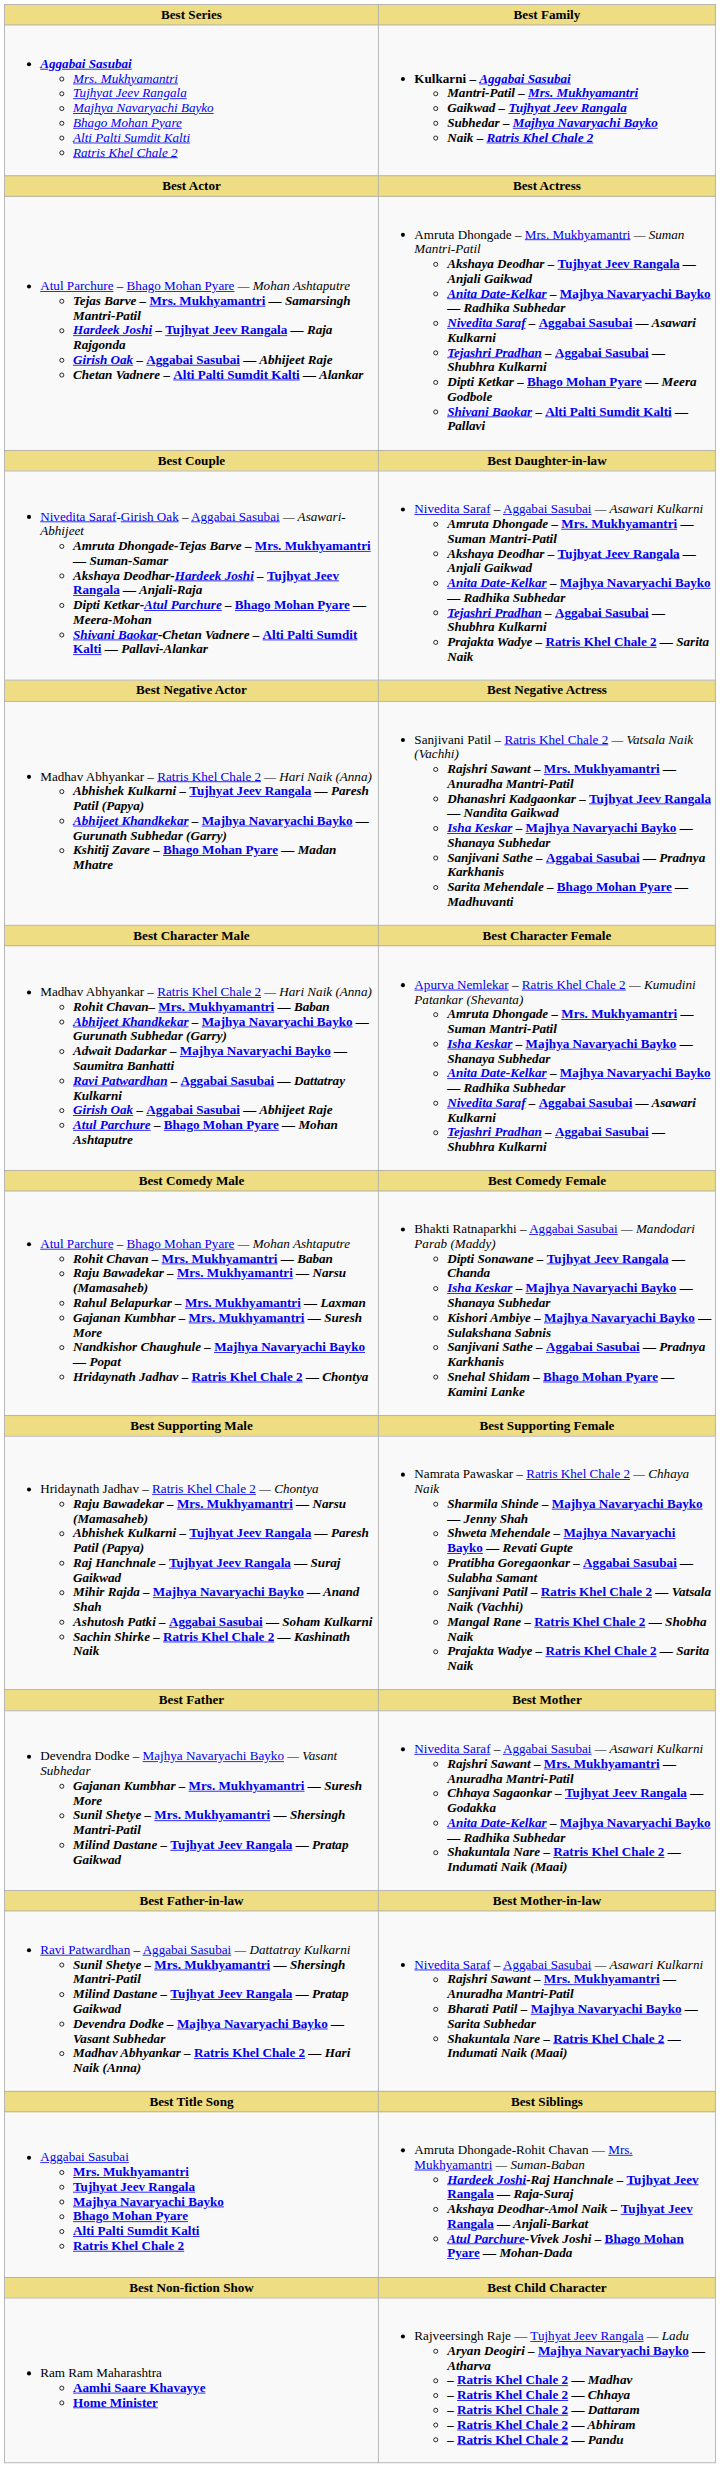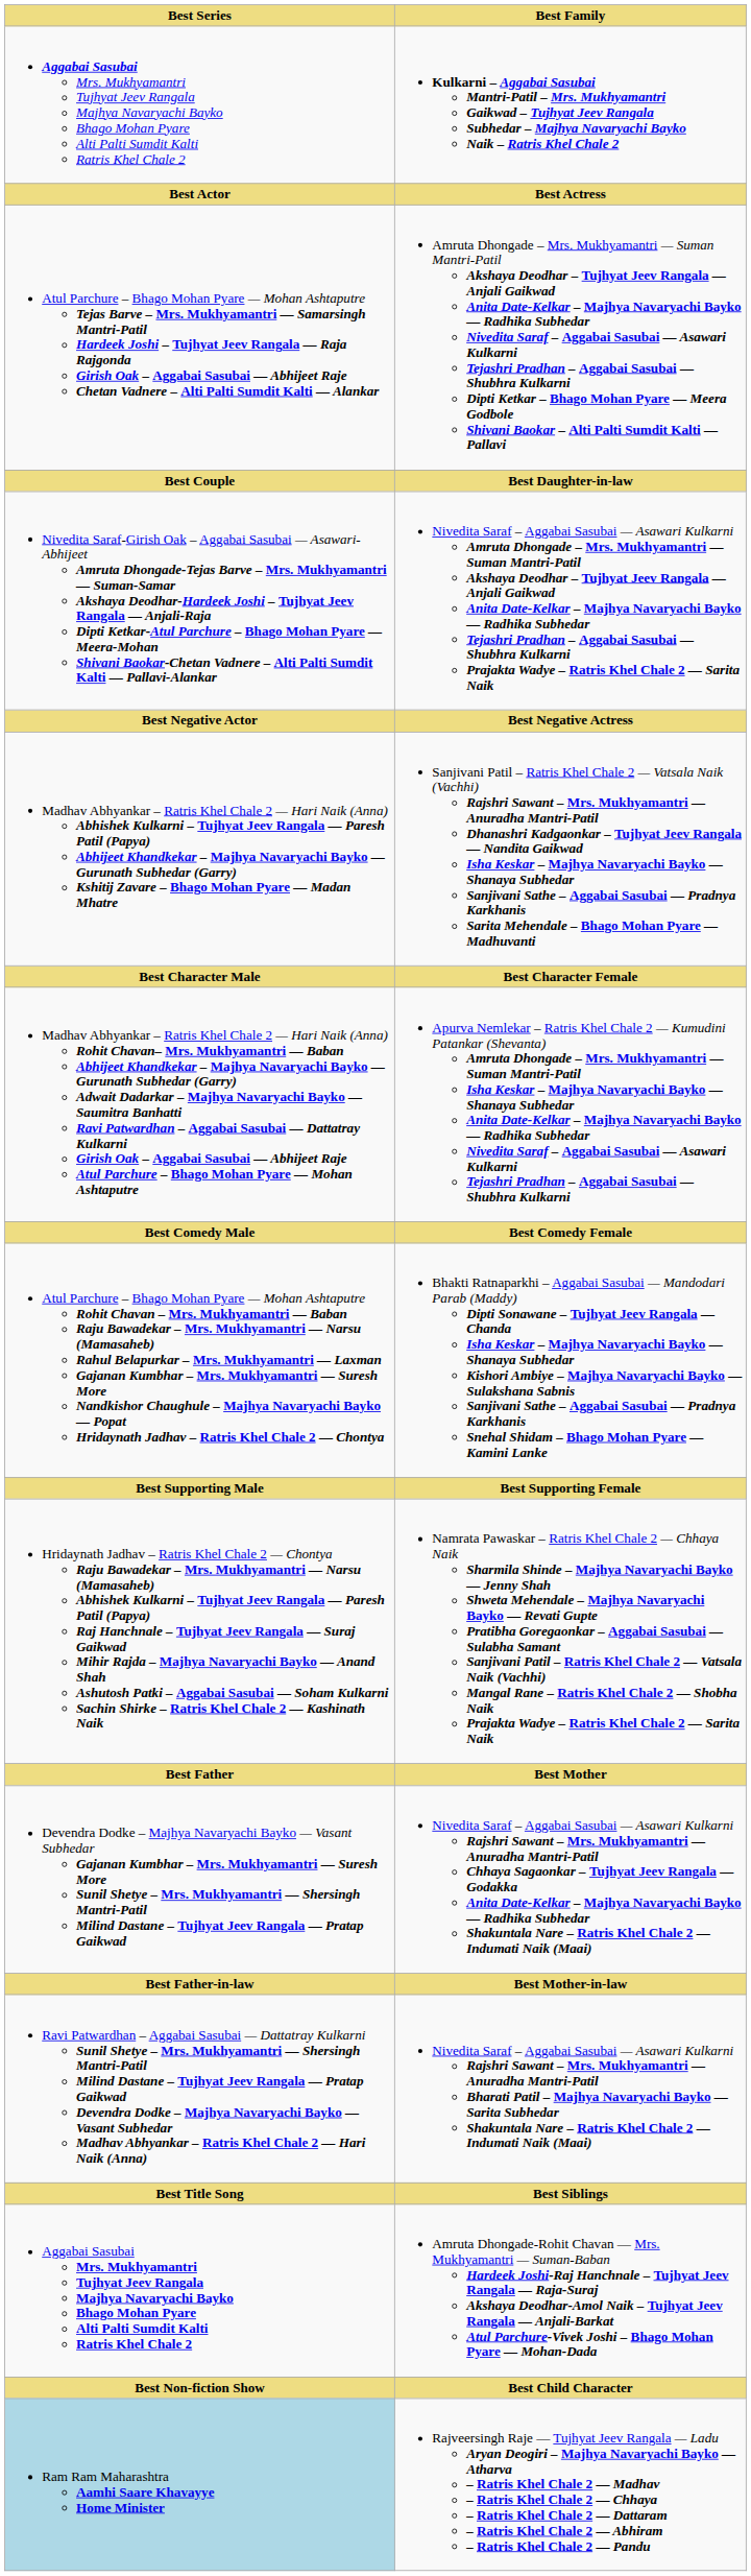 <table class="wikitable">
 <tr>
 <th style="background:#EEDD82;">Best Series</th>
 <th style="background:#EEDD82;">Best Family</th>
 </tr>
 <tr>
 <td><br><ul><li><strong><em><a href='#'>Aggabai Sasubai</a></em></strong><ul><li><em><a href='#'>Mrs. Mukhyamantri</a></em></li><li><em><a href='#'>Tujhyat Jeev Rangala</a></em></li><li><em><a href='#'>Majhya Navaryachi Bayko</a></em></li><li><em><a href='#'>Bhago Mohan Pyare</a></em></li><li><em><a href='#'>Alti Palti Sumdit Kalti</a></em></li><li><em><a href='#'>Ratris Khel Chale 2</a></em></li></ul></li></ul></td>
 <td><br><ul><li><strong>Kulkarni – <em><a href='#'>Aggabai Sasubai</a><strong><em><ul><li>Mantri-Patil – </em><a href='#'>Mrs. Mukhyamantri</a><em></li><li>Gaikwad – </em><a href='#'>Tujhyat Jeev Rangala</a><em></li><li>Subhedar – </em><a href='#'>Majhya Navaryachi Bayko</a><em></li><li>Naik – </em><a href='#'>Ratris Khel Chale 2</a><em></li></ul></li></ul></td>
 </tr>
 <tr>
 <th style="background:#EEDD82;">Best Actor</th>
 <th style="background:#EEDD82;">Best Actress</th>
 </tr>
 <tr>
 <td><br><ul><li></strong><a href='#'>Atul Parchure</a> – </em><a href='#'>Bhago Mohan Pyare</a><em> — Mohan Ashtaputre<strong><ul><li>Tejas Barve – </em><a href='#'>Mrs. Mukhyamantri</a><em> — Samarsingh Mantri-Patil</li><li><a href='#'>Hardeek Joshi</a> – </em><a href='#'>Tujhyat Jeev Rangala</a><em> — Raja Rajgonda</li><li><a href='#'>Girish Oak</a> – </em><a href='#'>Aggabai Sasubai</a><em> — Abhijeet Raje</li><li>Chetan Vadnere – </em><a href='#'>Alti Palti Sumdit Kalti</a><em> — Alankar</li></ul></li></ul></td>
 <td><br><ul><li></strong>Amruta Dhongade – </em><a href='#'>Mrs. Mukhyamantri</a><em> — Suman Mantri-Patil<strong><ul><li>Akshaya Deodhar – </em><a href='#'>Tujhyat Jeev Rangala</a><em> — Anjali Gaikwad</li><li><a href='#'>Anita Date-Kelkar</a> – </em><a href='#'>Majhya Navaryachi Bayko</a><em> — Radhika Subhedar</li><li><a href='#'>Nivedita Saraf</a> – </em><a href='#'>Aggabai Sasubai</a><em> — Asawari Kulkarni</li><li><a href='#'>Tejashri Pradhan</a> – </em><a href='#'>Aggabai Sasubai</a><em> — Shubhra Kulkarni</li><li>Dipti Ketkar – </em><a href='#'>Bhago Mohan Pyare</a><em> — Meera Godbole</li><li><a href='#'>Shivani Baokar</a> – </em><a href='#'>Alti Palti Sumdit Kalti</a><em> — Pallavi</li></ul></li></ul></td>
 </tr>
 <tr>
 <th style="background:#EEDD82;">Best Couple</th>
 <th style="background:#EEDD82;">Best Daughter-in-law</th>
 </tr>
 <tr>
 <td><br><ul><li></strong><a href='#'>Nivedita Saraf</a>-<a href='#'>Girish Oak</a> – </em><a href='#'>Aggabai Sasubai</a><em> — Asawari-Abhijeet<strong><ul><li>Amruta Dhongade-Tejas Barve – </em><a href='#'>Mrs. Mukhyamantri</a><em> — Suman-Samar</li><li>Akshaya Deodhar-<a href='#'>Hardeek Joshi</a> – </em><a href='#'>Tujhyat Jeev Rangala</a><em> — Anjali-Raja</li><li>Dipti Ketkar-<a href='#'>Atul Parchure</a> – </em><a href='#'>Bhago Mohan Pyare</a><em> — Meera-Mohan</li><li><a href='#'>Shivani Baokar</a>-Chetan Vadnere – </em><a href='#'>Alti Palti Sumdit Kalti</a><em> — Pallavi-Alankar</li></ul></li></ul></td>
 <td><br><ul><li></strong><a href='#'>Nivedita Saraf</a> – </em><a href='#'>Aggabai Sasubai</a><em> — Asawari Kulkarni<strong><ul><li>Amruta Dhongade – </em><a href='#'>Mrs. Mukhyamantri</a><em> — Suman Mantri-Patil</li><li>Akshaya Deodhar – </em><a href='#'>Tujhyat Jeev Rangala</a><em> — Anjali Gaikwad</li><li><a href='#'>Anita Date-Kelkar</a> – </em><a href='#'>Majhya Navaryachi Bayko</a><em> — Radhika Subhedar</li><li><a href='#'>Tejashri Pradhan</a> – </em><a href='#'>Aggabai Sasubai</a><em> — Shubhra Kulkarni</li><li>Prajakta Wadye – </em><a href='#'>Ratris Khel Chale 2</a><em> — Sarita Naik</li></ul></li></ul></td>
 </tr>
 <tr>
 <th style="background:#EEDD82;">Best Negative Actor</th>
 <th style="background:#EEDD82;">Best Negative Actress</th>
 </tr>
 <tr>
 <td><br><ul><li></strong>Madhav Abhyankar – </em><a href='#'>Ratris Khel Chale 2</a><em> — Hari Naik (Anna)<strong><ul><li>Abhishek Kulkarni – </em><a href='#'>Tujhyat Jeev Rangala</a><em> — Paresh Patil (Papya)</li><li><a href='#'>Abhijeet Khandkekar</a> – </em><a href='#'>Majhya Navaryachi Bayko</a><em> — Gurunath Subhedar (Garry)</li><li>Kshitij Zavare – </em><a href='#'>Bhago Mohan Pyare</a><em> — Madan Mhatre</li></ul></li></ul></td>
 <td><br><ul><li></strong>Sanjivani Patil – </em><a href='#'>Ratris Khel Chale 2</a><em> — Vatsala Naik (Vachhi)<strong><ul><li>Rajshri Sawant – </em><a href='#'>Mrs. Mukhyamantri</a><em> — Anuradha Mantri-Patil</li><li>Dhanashri Kadgaonkar – </em><a href='#'>Tujhyat Jeev Rangala</a><em> — Nandita Gaikwad</li><li><a href='#'>Isha Keskar</a> – </em><a href='#'>Majhya Navaryachi Bayko</a><em> — Shanaya Subhedar</li><li>Sanjivani Sathe – </em><a href='#'>Aggabai Sasubai</a><em> — Pradnya Karkhanis</li><li>Sarita Mehendale – </em><a href='#'>Bhago Mohan Pyare</a><em> — Madhuvanti</li></ul></li></ul></td>
 </tr>
 <tr>
 <th style="background:#EEDD82;">Best Character Male</th>
 <th style="background:#EEDD82;">Best Character Female</th>
 </tr>
 <tr>
 <td><br><ul><li></strong>Madhav Abhyankar – </em><a href='#'>Ratris Khel Chale 2</a><em> — Hari Naik (Anna)<strong><ul><li>Rohit Chavan– </em><a href='#'>Mrs. Mukhyamantri</a><em> — Baban</li><li><a href='#'>Abhijeet Khandkekar</a> – </em><a href='#'>Majhya Navaryachi Bayko</a><em> — Gurunath Subhedar (Garry)</li><li>Adwait Dadarkar – </em><a href='#'>Majhya Navaryachi Bayko</a><em> — Saumitra Banhatti</li><li><a href='#'>Ravi Patwardhan</a> – </em><a href='#'>Aggabai Sasubai</a><em> — Dattatray Kulkarni</li><li><a href='#'>Girish Oak</a> – </em><a href='#'>Aggabai Sasubai</a><em> — Abhijeet Raje</li><li><a href='#'>Atul Parchure</a> – </em><a href='#'>Bhago Mohan Pyare</a><em> — Mohan Ashtaputre</li></ul></li></ul></td>
 <td><br><ul><li></strong><a href='#'>Apurva Nemlekar</a> – </em><a href='#'>Ratris Khel Chale 2</a><em> — Kumudini Patankar (Shevanta)<strong><ul><li>Amruta Dhongade – </em><a href='#'>Mrs. Mukhyamantri</a><em> — Suman Mantri-Patil</li><li><a href='#'>Isha Keskar</a> – </em><a href='#'>Majhya Navaryachi Bayko</a><em> — Shanaya Subhedar</li><li><a href='#'>Anita Date-Kelkar</a> – </em><a href='#'>Majhya Navaryachi Bayko</a><em> — Radhika Subhedar</li><li><a href='#'>Nivedita Saraf</a> – </em><a href='#'>Aggabai Sasubai</a><em> — Asawari Kulkarni</li><li><a href='#'>Tejashri Pradhan</a> – </em><a href='#'>Aggabai Sasubai</a><em> — Shubhra Kulkarni</li></ul></li></ul></td>
 </tr>
 <tr>
 <th style="background:#EEDD82;">Best Comedy Male</th>
 <th style="background:#EEDD82;">Best Comedy Female</th>
 </tr>
 <tr>
 <td><br><ul><li></strong><a href='#'>Atul Parchure</a> – </em><a href='#'>Bhago Mohan Pyare</a><em> — Mohan Ashtaputre<strong><ul><li>Rohit Chavan – </em><a href='#'>Mrs. Mukhyamantri</a><em> — Baban</li><li>Raju Bawadekar – </em><a href='#'>Mrs. Mukhyamantri</a><em> — Narsu (Mamasaheb)</li><li>Rahul Belapurkar – </em><a href='#'>Mrs. Mukhyamantri</a><em> — Laxman</li><li>Gajanan Kumbhar – </em><a href='#'>Mrs. Mukhyamantri</a><em> — Suresh More</li><li>Nandkishor Chaughule – </em><a href='#'>Majhya Navaryachi Bayko</a><em> — Popat</li><li>Hridaynath Jadhav – </em><a href='#'>Ratris Khel Chale 2</a><em> — Chontya</li></ul></li></ul></td>
 <td><br><ul><li></strong>Bhakti Ratnaparkhi – </em><a href='#'>Aggabai Sasubai</a><em> — Mandodari Parab (Maddy)<strong><ul><li>Dipti Sonawane – </em><a href='#'>Tujhyat Jeev Rangala</a><em> — Chanda</li><li><a href='#'>Isha Keskar</a> – </em><a href='#'>Majhya Navaryachi Bayko</a><em> — Shanaya Subhedar</li><li>Kishori Ambiye – </em><a href='#'>Majhya Navaryachi Bayko</a><em> — Sulakshana Sabnis</li><li>Sanjivani Sathe – </em><a href='#'>Aggabai Sasubai</a><em> — Pradnya Karkhanis</li><li>Snehal Shidam – </em><a href='#'>Bhago Mohan Pyare</a><em> — Kamini Lanke</li></ul></li></ul></td>
 </tr>
 <tr>
 <th style="background:#EEDD82;">Best Supporting Male</th>
 <th style="background:#EEDD82;">Best Supporting Female</th>
 </tr>
 <tr>
 <td><br><ul><li></strong>Hridaynath Jadhav – </em><a href='#'>Ratris Khel Chale 2</a><em> — Chontya<strong><ul><li>Raju Bawadekar – </em><a href='#'>Mrs. Mukhyamantri</a><em> — Narsu (Mamasaheb)</li><li>Abhishek Kulkarni – </em><a href='#'>Tujhyat Jeev Rangala</a><em> — Paresh Patil (Papya)</li><li>Raj Hanchnale – </em><a href='#'>Tujhyat Jeev Rangala</a><em> — Suraj Gaikwad</li><li>Mihir Rajda – </em><a href='#'>Majhya Navaryachi Bayko</a><em> — Anand Shah</li><li>Ashutosh Patki – </em><a href='#'>Aggabai Sasubai</a><em> — Soham Kulkarni</li><li>Sachin Shirke – </em><a href='#'>Ratris Khel Chale 2</a><em> — Kashinath Naik</li></ul></li></ul></td>
 <td><br><ul><li></strong>Namrata Pawaskar – </em><a href='#'>Ratris Khel Chale 2</a><em> — Chhaya Naik<strong><ul><li>Sharmila Shinde – </em><a href='#'>Majhya Navaryachi Bayko</a><em> — Jenny Shah</li><li>Shweta Mehendale – </em><a href='#'>Majhya Navaryachi Bayko</a><em> — Revati Gupte</li><li>Pratibha Goregaonkar – </em><a href='#'>Aggabai Sasubai</a><em> — Sulabha Samant</li><li>Sanjivani Patil – </em><a href='#'>Ratris Khel Chale 2</a><em> — Vatsala Naik (Vachhi)</li><li>Mangal Rane – </em><a href='#'>Ratris Khel Chale 2</a><em> — Shobha Naik</li><li>Prajakta Wadye – </em><a href='#'>Ratris Khel Chale 2</a><em> — Sarita Naik</li></ul></li></ul></td>
 </tr>
 <tr>
 <th style="background:#EEDD82;">Best Father</th>
 <th style="background:#EEDD82;">Best Mother</th>
 </tr>
 <tr>
 <td><br><ul><li></strong>Devendra Dodke – </em><a href='#'>Majhya Navaryachi Bayko</a><em> — Vasant Subhedar<strong><ul><li>Gajanan Kumbhar – </em><a href='#'>Mrs. Mukhyamantri</a><em> — Suresh More</li><li>Sunil Shetye – </em><a href='#'>Mrs. Mukhyamantri</a><em> — Shersingh Mantri-Patil</li><li>Milind Dastane – </em><a href='#'>Tujhyat Jeev Rangala</a><em> — Pratap Gaikwad</li></ul></li></ul></td>
 <td><br><ul><li></strong><a href='#'>Nivedita Saraf</a> – </em><a href='#'>Aggabai Sasubai</a><em> — Asawari Kulkarni<strong><ul><li>Rajshri Sawant – </em><a href='#'>Mrs. Mukhyamantri</a><em> — Anuradha Mantri-Patil</li><li>Chhaya Sagaonkar – </em><a href='#'>Tujhyat Jeev Rangala</a><em> — Godakka</li><li><a href='#'>Anita Date-Kelkar</a> – </em><a href='#'>Majhya Navaryachi Bayko</a><em> — Radhika Subhedar</li><li>Shakuntala Nare – </em><a href='#'>Ratris Khel Chale 2</a><em> — Indumati Naik (Maai)</li></ul></li></ul></td>
 </tr>
 <tr>
 <th style="background:#EEDD82;">Best Father-in-law</th>
 <th style="background:#EEDD82;">Best Mother-in-law</th>
 </tr>
 <tr>
 <td><br><ul><li></strong><a href='#'>Ravi Patwardhan</a> – </em><a href='#'>Aggabai Sasubai</a><em> — Dattatray Kulkarni<strong><ul><li>Sunil Shetye – </em><a href='#'>Mrs. Mukhyamantri</a><em> — Shersingh Mantri-Patil</li><li>Milind Dastane – </em><a href='#'>Tujhyat Jeev Rangala</a><em> — Pratap Gaikwad</li><li>Devendra Dodke – </em><a href='#'>Majhya Navaryachi Bayko</a><em> — Vasant Subhedar</li><li>Madhav Abhyankar – </em><a href='#'>Ratris Khel Chale 2</a><em> — Hari Naik (Anna)</li></ul></li></ul></td>
 <td><br><ul><li></strong><a href='#'>Nivedita Saraf</a> – </em><a href='#'>Aggabai Sasubai</a><em> — Asawari Kulkarni<strong><ul><li>Rajshri Sawant – </em><a href='#'>Mrs. Mukhyamantri</a><em> — Anuradha Mantri-Patil</li><li>Bharati Patil – </em><a href='#'>Majhya Navaryachi Bayko</a><em> — Sarita Subhedar</li><li>Shakuntala Nare – </em><a href='#'>Ratris Khel Chale 2</a><em> — Indumati Naik (Maai)</li></ul></li></ul></td>
 </tr>
 <tr>
 <th style="background:#EEDD82;">Best Title Song</th>
 <th style="background:#EEDD82;">Best Siblings</th>
 </tr>
 <tr>
 <td><br><ul><li></em></strong><a href='#'>Aggabai Sasubai</a><strong><em><ul><li></em><a href='#'>Mrs. Mukhyamantri</a><em></li><li></em><a href='#'>Tujhyat Jeev Rangala</a><em></li><li></em><a href='#'>Majhya Navaryachi Bayko</a><em></li><li></em><a href='#'>Bhago Mohan Pyare</a><em></li><li></em><a href='#'>Alti Palti Sumdit Kalti</a><em></li><li></em><a href='#'>Ratris Khel Chale 2</a><em></li></ul></li></ul></td>
 <td><br><ul><li></strong>Amruta Dhongade-Rohit Chavan — </em><a href='#'>Mrs. Mukhyamantri</a><em> — Suman-Baban<strong><ul><li><a href='#'>Hardeek Joshi</a>-Raj Hanchnale – </em><a href='#'>Tujhyat Jeev Rangala</a><em> — Raja-Suraj</li><li>Akshaya Deodhar-Amol Naik – </em><a href='#'>Tujhyat Jeev Rangala</a><em> — Anjali-Barkat</li><li><a href='#'>Atul Parchure</a>-Vivek Joshi – </em><a href='#'>Bhago Mohan Pyare</a><em> — Mohan-Dada</li></ul></li></ul></td>
 </tr>
 <tr>
 <th style="background:#EEDD82;">Best Non-fiction Show</th>
 <th style="background:#EEDD82;">Best Child Character</th>
 </tr>
 <tr>
-<td><br><ul><li></em></strong>Ram Ram Maharashtra<strong><em><ul><li></em><a href='#'>Aamhi Saare Khavayye</a><em></li><li></em><a href='#'>Home Minister</a><em></li></ul></li></ul></td>
+<td style="background: lightblue;"><br><ul><li></em></strong>Ram Ram Maharashtra<strong><em><ul><li></em><a href='#'>Aamhi Saare Khavayye</a><em></li><li></em><a href='#'>Home Minister</a><em></li></ul></li></ul></td>
 <td><br><ul><li></strong>Rajveersingh Raje — </em><a href='#'>Tujhyat Jeev Rangala</a><em> — Ladu<strong><ul><li>Aryan Deogiri – </em><a href='#'>Majhya Navaryachi Bayko</a><em> — Atharva</li><li>– </em><a href='#'>Ratris Khel Chale 2</a><em> — Madhav</li><li>– </em><a href='#'>Ratris Khel Chale 2</a><em> — Chhaya</li><li>– </em><a href='#'>Ratris Khel Chale 2</a><em> — Dattaram</li><li>– </em><a href='#'>Ratris Khel Chale 2</a><em> — Abhiram</li><li>– </em><a href='#'>Ratris Khel Chale 2</a><em> — Pandu</li></ul></li></ul></td>
 </tr>
 </table>
